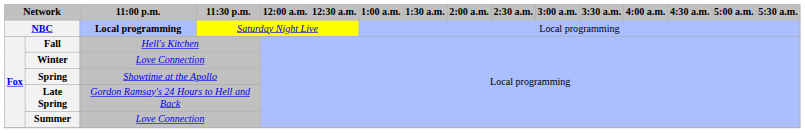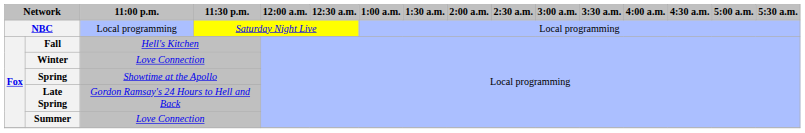 <table class="wikitable" style="width:100%;margin-right:0;text-align:center">
 <tr>
 <th colspan="2" style="background-color:#C0C0C0;text-align:center">Network</th>
 <th style="background-color:#C0C0C0;text-align:center">11:00 p.m.</th>
 <th style="background-color:#C0C0C0;text-align:center">11:30 p.m.</th>
 <th style="background-color:#C0C0C0;text-align:center">12:00 a.m.</th>
 <th style="background-color:#C0C0C0;text-align:center">12:30 a.m.</th>
 <th style="background-color:#C0C0C0;text-align:center">1:00 a.m.</th>
 <th style="background-color:#C0C0C0;text-align:center">1:30 a.m.</th>
 <th style="background-color:#C0C0C0;text-align:center">2:00 a.m.</th>
 <th style="background-color:#C0C0C0;text-align:center">2:30 a.m.</th>
 <th style="background-color:#C0C0C0;text-align:center">3:00 a.m.</th>
 <th style="background-color:#C0C0C0;text-align:center">3:30 a.m.</th>
 <th style="background-color:#C0C0C0;text-align:center">4:00 a.m.</th>
 <th style="background-color:#C0C0C0;text-align:center">4:30 a.m.</th>
 <th style="background-color:#C0C0C0;text-align:center">5:00 a.m.</th>
 <th style="background-color:#C0C0C0;text-align:center">5:30 a.m.</th>
 </tr>
 <tr>
 <th colspan="2"><a href='#'>NBC</a></th>
-<td style="background:#abbfff"><strong>Local programming</strong></td>
+<td style="background:#abbfff">Local programming</td>
 <td colspan="3" style="background:yellow"><em><a href='#'>Saturday Night Live</a></em>  </td>
 <td colspan="10" style="background:#abbfff">Local programming </td>
 </tr>
 <tr>
 <th rowspan="5"><a href='#'>Fox</a></th>
 <th>Fall</th>
 <td colspan="2" bgcolor="#C0C0C0"><em><a href='#'>Hell's Kitchen</a></em> </td>
 <td colspan="12" rowspan="5" style="background:#abbfff">Local programming</td>
 </tr>
 <tr>
 <th>Winter</th>
 <td colspan="2" bgcolor="#C0C0C0"><em><a href='#'>Love Connection</a></em>  </td>
 </tr>
 <tr>
 <th>Spring</th>
 <td colspan="2" bgcolor="#C0C0C0"><em><a href='#'>Showtime at the Apollo</a></em> </td>
 </tr>
 <tr>
 <th>Late Spring</th>
 <td colspan="2" bgcolor="#C0C0C0"><em><a href='#'>Gordon Ramsay's 24 Hours to Hell and Back</a></em> </td>
 </tr>
 <tr>
 <th>Summer</th>
 <td colspan="2" bgcolor="#C0C0C0"><em><a href='#'>Love Connection</a></em> </td>
 </tr>
 <tr>
 </tr>
 </table>
